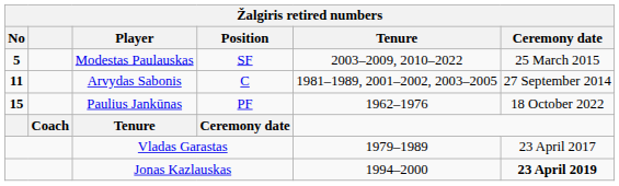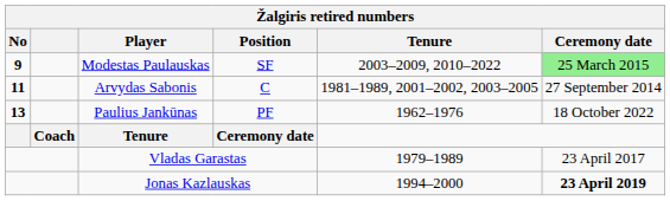 <table class="wikitable" style="text-align:center">
 <tr>
 <th colspan=6>Žalgiris retired numbers</th>
 </tr>
 <tr>
 <th>No</th>
 <th></th>
 <th>Player</th>
 <th>Position</th>
 <th>Tenure</th>
 <th>Ceremony date</th>
 </tr>
 <tr>
-<td><strong>5</strong></td>
+<td><strong>9</strong></td>
 <td></td>
 <td><a href='#'>Modestas Paulauskas</a></td>
 <td><a href='#'>SF</a></td>
 <td>2003–2009, 2010–2022</td>
-<td>25 March 2015</td>
+<td style="background: lightgreen;">25 March 2015</td>
 </tr>
 <tr>
 <td><strong>11</strong></td>
 <td></td>
 <td><a href='#'>Arvydas Sabonis</a></td>
 <td><a href='#'>C</a></td>
 <td>1981–1989, 2001–2002, 2003–2005</td>
 <td>27 September 2014</td>
 </tr>
 <tr>
-<td><strong>15</strong></td>
+<td><strong>13</strong></td>
 <td></td>
 <td><a href='#'>Paulius Jankūnas</a></td>
 <td><a href='#'>PF</a></td>
 <td>1962–1976</td>
 <td>18 October 2022</td>
 </tr>
 <tr>
 <th></th>
 <th>Coach</th>
 <th>Tenure</th>
 <th>Ceremony date</th>
 </tr>
 <tr>
 <td colspan=2></td>
 <td colspan=2><a href='#'>Vladas Garastas</a></td>
 <td>1979–1989</td>
 <td>23 April 2017</td>
 </tr>
 <tr>
 <td colspan=2></td>
 <td colspan=2><a href='#'>Jonas Kazlauskas</a></td>
 <td>1994–2000</td>
 <td><strong>23 April 2019</strong></td>
 </tr>
 </table>
